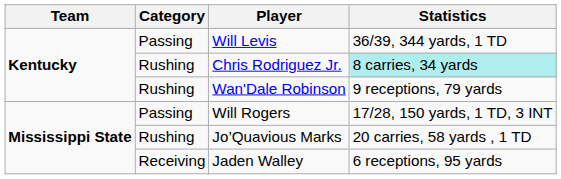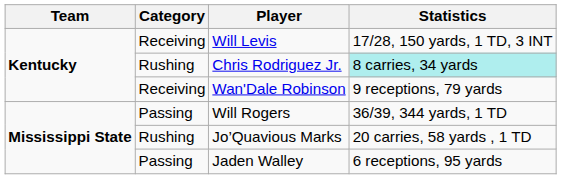 <table class="wikitable" style="float: right;">
 <tr>
 <th>Team</th>
 <th>Category</th>
 <th>Player</th>
 <th>Statistics</th>
 </tr>
 <tr>
 <td rowspan=3><strong>Kentucky</strong></td>
-<td>Passing</td>
+<td>Receiving</td>
 <td><a href='#'>Will Levis</a></td>
-<td>36/39, 344 yards, 1 TD</td>
+<td>17/28, 150 yards, 1 TD, 3 INT</td>
 </tr>
 <tr>
 <td>Rushing</td>
 <td><a href='#'>Chris Rodriguez Jr.</a></td>
 <td style="background: paleturquoise;">8 carries, 34 yards</td>
 </tr>
 <tr>
-<td>Rushing</td>
+<td>Receiving</td>
 <td><a href='#'>Wan'Dale Robinson</a></td>
 <td>9 receptions, 79 yards</td>
 </tr>
 <tr>
 <td rowspan=3><strong>Mississippi State</strong></td>
 <td>Passing</td>
 <td>Will Rogers</td>
-<td>17/28, 150 yards, 1 TD, 3 INT</td>
+<td>36/39, 344 yards, 1 TD</td>
 </tr>
 <tr>
 <td>Rushing</td>
 <td>Jo’Quavious Marks</td>
 <td>20 carries, 58 yards , 1 TD</td>
 </tr>
 <tr>
-<td>Receiving</td>
+<td>Passing</td>
 <td>Jaden Walley</td>
 <td>6 receptions, 95 yards</td>
 </tr>
 </table>
